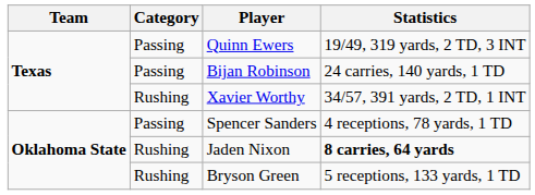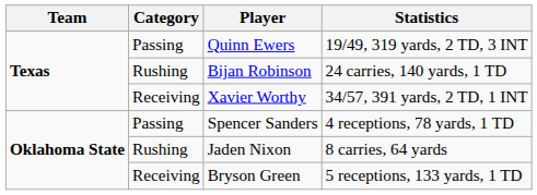 <table class="wikitable" style="float: right;">
 <tr>
 <th>Team</th>
 <th>Category</th>
 <th>Player</th>
 <th>Statistics</th>
 </tr>
 <tr>
 <td rowspan=3><strong>Texas</strong></td>
 <td>Passing</td>
 <td><a href='#'>Quinn Ewers</a></td>
 <td>19/49, 319 yards, 2 TD, 3 INT</td>
 </tr>
 <tr>
-<td>Passing</td>
+<td>Rushing</td>
 <td><a href='#'>Bijan Robinson</a></td>
 <td>24 carries, 140 yards, 1 TD</td>
 </tr>
 <tr>
-<td>Rushing</td>
+<td>Receiving</td>
 <td><a href='#'>Xavier Worthy</a></td>
 <td>34/57, 391 yards, 2 TD, 1 INT</td>
 </tr>
 <tr>
 <td rowspan=3><strong>Oklahoma State</strong></td>
 <td>Passing</td>
 <td>Spencer Sanders</td>
 <td>4 receptions, 78 yards, 1 TD</td>
 </tr>
 <tr>
 <td>Rushing</td>
 <td>Jaden Nixon</td>
-<td><strong>8 carries, 64 yards</strong></td>
+<td>8 carries, 64 yards</td>
 </tr>
 <tr>
-<td>Rushing</td>
+<td>Receiving</td>
 <td>Bryson Green</td>
 <td>5 receptions, 133 yards, 1 TD</td>
 </tr>
 </table>
